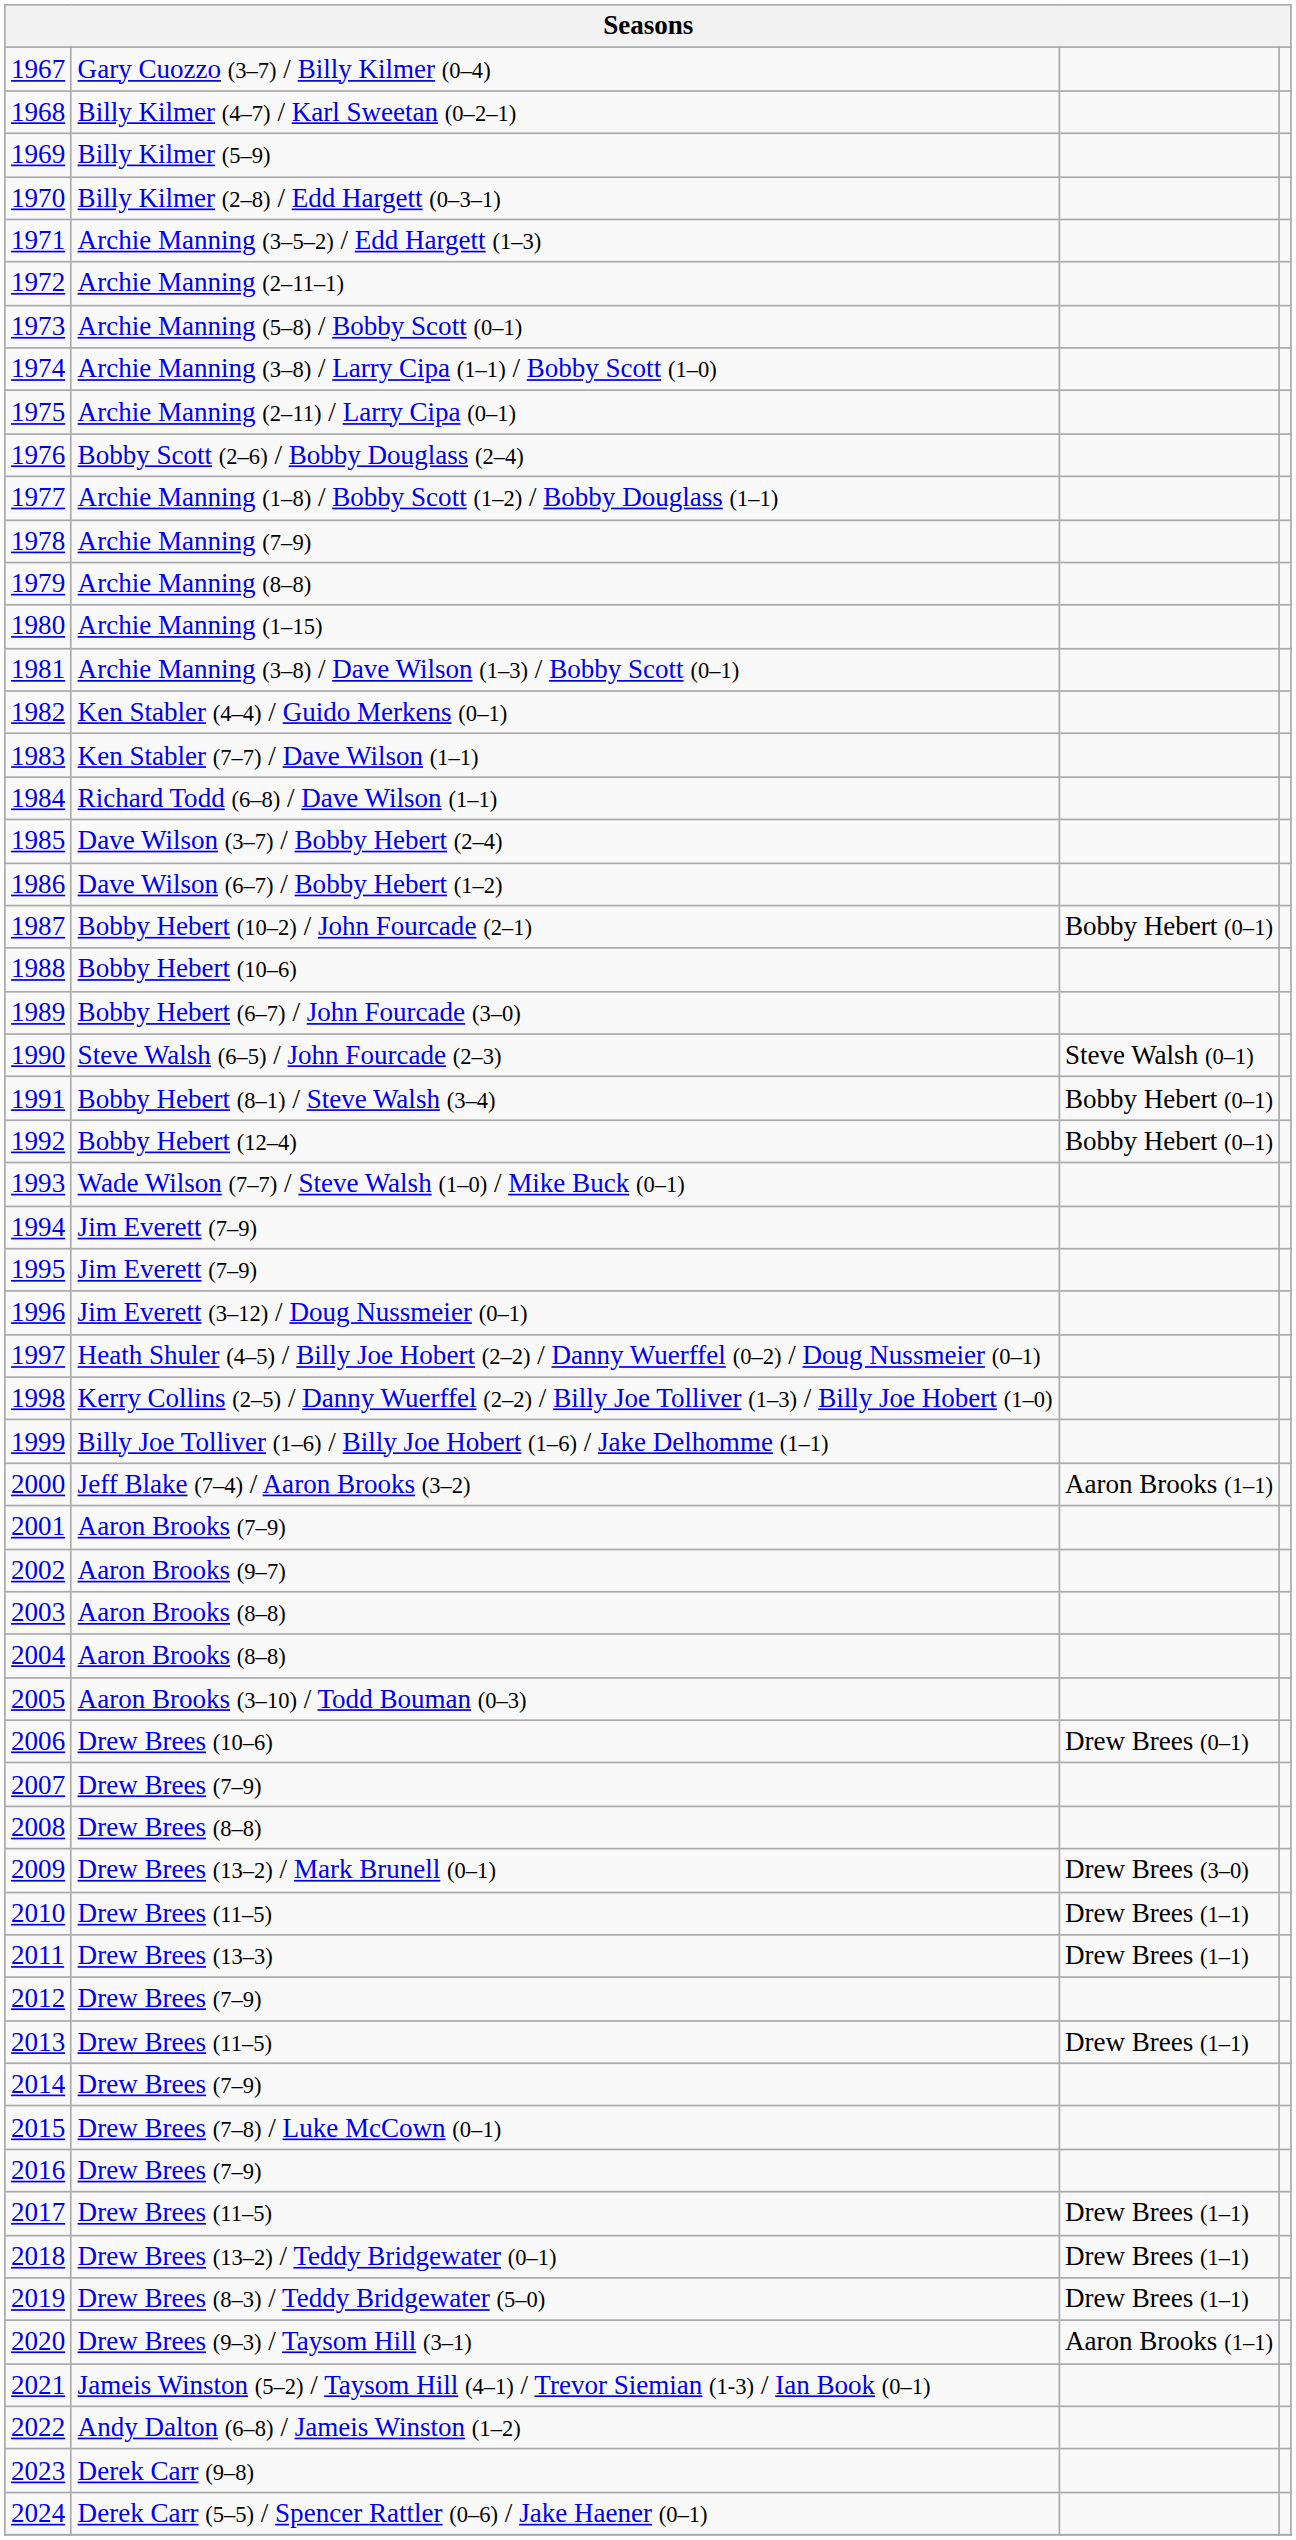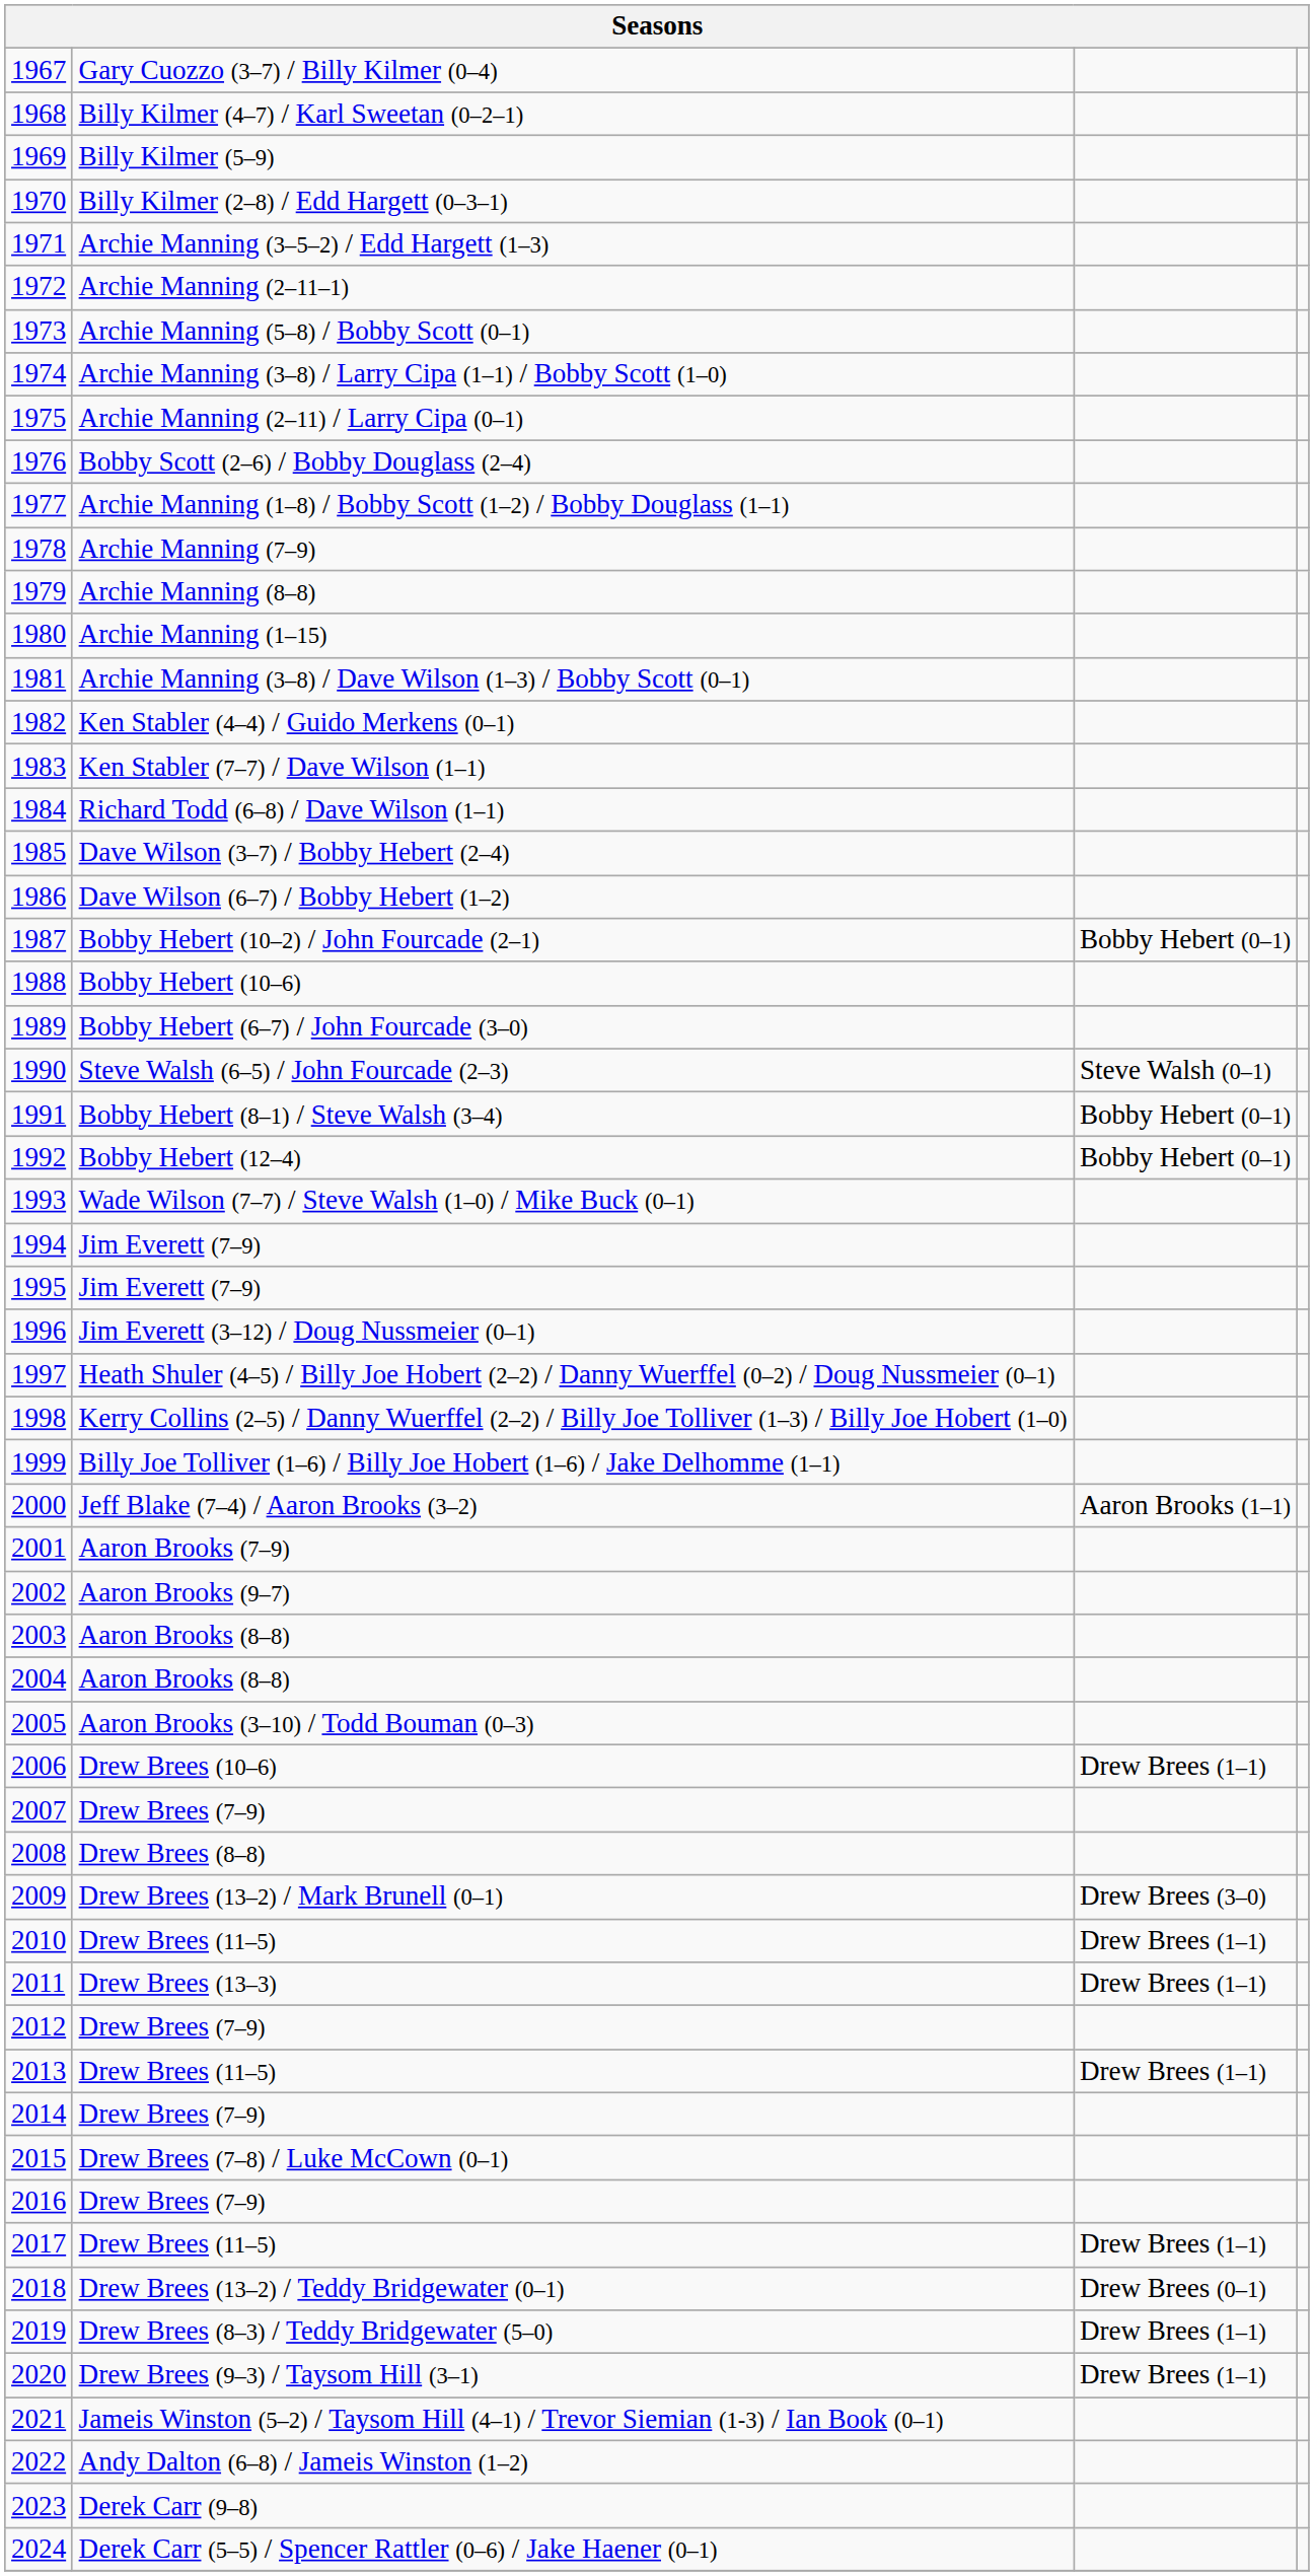 <table class="wikitable">
 <tr>
 <th colspan="99">Seasons</th>
 </tr>
 <tr>
 <td><a href='#'>1967</a></td>
 <td><a href='#'>Gary Cuozzo</a> <small>(3–7)</small> / <a href='#'>Billy Kilmer</a> <small>(0–4)</small></td>
 <td></td>
 <td></td>
 </tr>
 <tr>
 <td><a href='#'>1968</a></td>
 <td><a href='#'>Billy Kilmer</a> <small>(4–7)</small> / <a href='#'>Karl Sweetan</a> <small>(0–2–1)</small></td>
 <td></td>
 <td></td>
 </tr>
 <tr>
 <td><a href='#'>1969</a></td>
 <td><a href='#'>Billy Kilmer</a> <small>(5–9)</small></td>
 <td></td>
 <td></td>
 </tr>
 <tr>
 <td><a href='#'>1970</a></td>
 <td><a href='#'>Billy Kilmer</a> <small>(2–8)</small> / <a href='#'>Edd Hargett</a> <small>(0–3–1)</small></td>
 <td></td>
 <td></td>
 </tr>
 <tr>
 <td><a href='#'>1971</a></td>
 <td><a href='#'>Archie Manning</a> <small>(3–5–2)</small> / <a href='#'>Edd Hargett</a> <small>(1–3)</small></td>
 <td></td>
 <td></td>
 </tr>
 <tr>
 <td><a href='#'>1972</a></td>
 <td><a href='#'>Archie Manning</a> <small>(2–11–1)</small></td>
 <td></td>
 <td></td>
 </tr>
 <tr>
 <td><a href='#'>1973</a></td>
 <td><a href='#'>Archie Manning</a> <small>(5–8)</small> / <a href='#'>Bobby Scott</a> <small>(0–1)</small></td>
 <td></td>
 <td></td>
 </tr>
 <tr>
 <td><a href='#'>1974</a></td>
 <td><a href='#'>Archie Manning</a> <small>(3–8)</small> / <a href='#'>Larry Cipa</a> <small>(1–1)</small> / <a href='#'>Bobby Scott</a> <small>(1–0)</small></td>
 <td></td>
 <td></td>
 </tr>
 <tr>
 <td><a href='#'>1975</a></td>
 <td><a href='#'>Archie Manning</a> <small>(2–11)</small> / <a href='#'>Larry Cipa</a> <small>(0–1)</small></td>
 <td></td>
 <td></td>
 </tr>
 <tr>
 <td><a href='#'>1976</a></td>
 <td><a href='#'>Bobby Scott</a> <small>(2–6)</small> / <a href='#'>Bobby Douglass</a> <small>(2–4)</small></td>
 <td></td>
 <td></td>
 </tr>
 <tr>
 <td><a href='#'>1977</a></td>
 <td><a href='#'>Archie Manning</a> <small>(1–8)</small> / <a href='#'>Bobby Scott</a> <small>(1–2)</small> / <a href='#'>Bobby Douglass</a> <small>(1–1)</small></td>
 <td></td>
 <td></td>
 </tr>
 <tr>
 <td><a href='#'>1978</a></td>
 <td><a href='#'>Archie Manning</a> <small>(7–9)</small></td>
 <td></td>
 <td></td>
 </tr>
 <tr>
 <td><a href='#'>1979</a></td>
 <td><a href='#'>Archie Manning</a> <small>(8–8)</small></td>
 <td></td>
 <td></td>
 </tr>
 <tr>
 <td><a href='#'>1980</a></td>
 <td><a href='#'>Archie Manning</a> <small>(1–15)</small></td>
 <td></td>
 <td></td>
 </tr>
 <tr>
 <td><a href='#'>1981</a></td>
 <td><a href='#'>Archie Manning</a> <small>(3–8)</small> / <a href='#'>Dave Wilson</a> <small>(1–3)</small> / <a href='#'>Bobby Scott</a> <small>(0–1)</small></td>
 <td></td>
 <td></td>
 </tr>
 <tr>
 <td><a href='#'>1982</a></td>
 <td><a href='#'>Ken Stabler</a> <small>(4–4)</small> / <a href='#'>Guido Merkens</a> <small>(0–1)</small></td>
 <td></td>
 <td></td>
 </tr>
 <tr>
 <td><a href='#'>1983</a></td>
 <td><a href='#'>Ken Stabler</a> <small>(7–7)</small> / <a href='#'>Dave Wilson</a> <small>(1–1)</small></td>
 <td></td>
 <td></td>
 </tr>
 <tr>
 <td><a href='#'>1984</a></td>
 <td><a href='#'>Richard Todd</a> <small>(6–8)</small> / <a href='#'>Dave Wilson</a> <small>(1–1)</small></td>
 <td></td>
 <td></td>
 </tr>
 <tr>
 <td><a href='#'>1985</a></td>
 <td><a href='#'>Dave Wilson</a> <small>(3–7)</small> / <a href='#'>Bobby Hebert</a> <small>(2–4)</small></td>
 <td></td>
 <td></td>
 </tr>
 <tr>
 <td><a href='#'>1986</a></td>
 <td><a href='#'>Dave Wilson</a> <small>(6–7)</small> / <a href='#'>Bobby Hebert</a> <small>(1–2)</small></td>
 <td></td>
 <td></td>
 </tr>
 <tr>
 <td><a href='#'>1987</a></td>
 <td><a href='#'>Bobby Hebert</a> <small>(10–2)</small> / <a href='#'>John Fourcade</a> <small>(2–1)</small></td>
 <td>Bobby Hebert <small>(0–1)</small></td>
 <td></td>
 </tr>
 <tr>
 <td><a href='#'>1988</a></td>
 <td><a href='#'>Bobby Hebert</a> <small>(10–6)</small></td>
 <td></td>
 <td></td>
 </tr>
 <tr>
 <td><a href='#'>1989</a></td>
 <td><a href='#'>Bobby Hebert</a> <small>(6–7)</small> / <a href='#'>John Fourcade</a> <small>(3–0)</small></td>
 <td></td>
 <td></td>
 </tr>
 <tr>
 <td><a href='#'>1990</a></td>
 <td><a href='#'>Steve Walsh</a> <small>(6–5)</small> / <a href='#'>John Fourcade</a> <small>(2–3)</small></td>
 <td>Steve Walsh <small>(0–1)</small></td>
 <td></td>
 </tr>
 <tr>
 <td><a href='#'>1991</a></td>
 <td><a href='#'>Bobby Hebert</a> <small>(8–1)</small> / <a href='#'>Steve Walsh</a> <small>(3–4)</small></td>
 <td>Bobby Hebert <small>(0–1)</small></td>
 <td></td>
 </tr>
 <tr>
 <td><a href='#'>1992</a></td>
 <td><a href='#'>Bobby Hebert</a> <small>(12–4)</small></td>
 <td>Bobby Hebert <small>(0–1)</small></td>
 <td></td>
 </tr>
 <tr>
 <td><a href='#'>1993</a></td>
 <td><a href='#'>Wade Wilson</a> <small>(7–7)</small> / <a href='#'>Steve Walsh</a> <small>(1–0)</small> / <a href='#'>Mike Buck</a> <small>(0–1)</small></td>
 <td></td>
 <td></td>
 </tr>
 <tr>
 <td><a href='#'>1994</a></td>
 <td><a href='#'>Jim Everett</a> <small>(7–9)</small></td>
 <td></td>
 <td></td>
 </tr>
 <tr>
 <td><a href='#'>1995</a></td>
 <td><a href='#'>Jim Everett</a> <small>(7–9)</small></td>
 <td></td>
 <td></td>
 </tr>
 <tr>
 <td><a href='#'>1996</a></td>
 <td><a href='#'>Jim Everett</a> <small>(3–12)</small> / <a href='#'>Doug Nussmeier</a> <small>(0–1)</small></td>
 <td></td>
 <td></td>
 </tr>
 <tr>
 <td><a href='#'>1997</a></td>
 <td><a href='#'>Heath Shuler</a> <small>(4–5)</small> / <a href='#'>Billy Joe Hobert</a> <small>(2–2)</small> / <a href='#'>Danny Wuerffel</a> <small>(0–2)</small> / <a href='#'>Doug Nussmeier</a> <small>(0–1)</small></td>
 <td></td>
 <td></td>
 </tr>
 <tr>
 <td><a href='#'>1998</a></td>
 <td><a href='#'>Kerry Collins</a> <small>(2–5)</small> / <a href='#'>Danny Wuerffel</a> <small>(2–2)</small> / <a href='#'>Billy Joe Tolliver</a> <small>(1–3)</small> / <a href='#'>Billy Joe Hobert</a> <small>(1–0)</small></td>
 <td></td>
 <td></td>
 </tr>
 <tr>
 <td><a href='#'>1999</a></td>
 <td><a href='#'>Billy Joe Tolliver</a> <small>(1–6)</small> / <a href='#'>Billy Joe Hobert</a> <small>(1–6)</small> / <a href='#'>Jake Delhomme</a> <small>(1–1)</small></td>
 <td></td>
 <td></td>
 </tr>
 <tr>
 <td><a href='#'>2000</a></td>
 <td><a href='#'>Jeff Blake</a> <small>(7–4)</small> / <a href='#'>Aaron Brooks</a> <small>(3–2)</small></td>
 <td>Aaron Brooks <small>(1–1)</small></td>
 <td></td>
 </tr>
 <tr>
 <td><a href='#'>2001</a></td>
 <td><a href='#'>Aaron Brooks</a> <small>(7–9)</small></td>
 <td></td>
 <td></td>
 </tr>
 <tr>
 <td><a href='#'>2002</a></td>
 <td><a href='#'>Aaron Brooks</a> <small>(9–7)</small></td>
 <td></td>
 <td></td>
 </tr>
 <tr>
 <td><a href='#'>2003</a></td>
 <td><a href='#'>Aaron Brooks</a> <small>(8–8)</small></td>
 <td></td>
 <td></td>
 </tr>
 <tr>
 <td><a href='#'>2004</a></td>
 <td><a href='#'>Aaron Brooks</a> <small>(8–8)</small></td>
 <td></td>
 <td></td>
 </tr>
 <tr>
 <td><a href='#'>2005</a></td>
 <td><a href='#'>Aaron Brooks</a> <small>(3–10)</small> / <a href='#'>Todd Bouman</a> <small>(0–3)</small></td>
 <td></td>
 <td></td>
 </tr>
 <tr>
 <td><a href='#'>2006</a></td>
 <td><a href='#'>Drew Brees</a> <small>(10–6)</small></td>
-<td>Drew Brees <small>(0–1)</small></td>
+<td>Drew Brees <small>(1–1)</small></td>
 <td></td>
 </tr>
 <tr>
 <td><a href='#'>2007</a></td>
 <td><a href='#'>Drew Brees</a> <small>(7–9)</small></td>
 <td></td>
 <td></td>
 </tr>
 <tr>
 <td><a href='#'>2008</a></td>
 <td><a href='#'>Drew Brees</a> <small>(8–8)</small></td>
 <td></td>
 <td></td>
 </tr>
 <tr>
 <td><a href='#'>2009</a></td>
 <td><a href='#'>Drew Brees</a> <small>(13–2)</small> / <a href='#'>Mark Brunell</a> <small>(0–1)</small></td>
 <td>Drew Brees <small>(3–0)</small></td>
 <td></td>
 </tr>
 <tr>
 <td><a href='#'>2010</a></td>
 <td><a href='#'>Drew Brees</a> <small>(11–5)</small></td>
 <td>Drew Brees <small>(1–1)</small></td>
 <td></td>
 </tr>
 <tr>
 <td><a href='#'>2011</a></td>
 <td><a href='#'>Drew Brees</a> <small>(13–3)</small></td>
 <td>Drew Brees <small>(1–1)</small></td>
 <td></td>
 </tr>
 <tr>
 <td><a href='#'>2012</a></td>
 <td><a href='#'>Drew Brees</a> <small>(7–9)</small></td>
 <td></td>
 <td></td>
 </tr>
 <tr>
 <td><a href='#'>2013</a></td>
 <td><a href='#'>Drew Brees</a> <small>(11–5)</small></td>
 <td>Drew Brees <small>(1–1)</small></td>
 <td></td>
 </tr>
 <tr>
 <td><a href='#'>2014</a></td>
 <td><a href='#'>Drew Brees</a> <small>(7–9)</small></td>
 <td></td>
 <td></td>
 </tr>
 <tr>
 <td><a href='#'>2015</a></td>
 <td><a href='#'>Drew Brees</a> <small>(7–8)</small> / <a href='#'>Luke McCown</a> <small>(0–1)</small></td>
 <td></td>
 <td></td>
 </tr>
 <tr>
 <td><a href='#'>2016</a></td>
 <td><a href='#'>Drew Brees</a> <small>(7–9)</small></td>
 <td></td>
 <td></td>
 </tr>
 <tr>
 <td><a href='#'>2017</a></td>
 <td><a href='#'>Drew Brees</a> <small>(11–5)</small></td>
 <td>Drew Brees <small>(1–1)</small></td>
 <td></td>
 </tr>
 <tr>
 <td><a href='#'>2018</a></td>
 <td><a href='#'>Drew Brees</a> <small>(13–2)</small> / <a href='#'>Teddy Bridgewater</a> <small>(0–1)</small></td>
-<td>Drew Brees <small>(1–1)</small></td>
+<td>Drew Brees <small>(0–1)</small></td>
 <td></td>
 </tr>
 <tr>
 <td><a href='#'>2019</a></td>
 <td><a href='#'>Drew Brees</a> <small>(8–3)</small> / <a href='#'>Teddy Bridgewater</a> <small>(5–0)</small></td>
 <td>Drew Brees <small>(1–1)</small></td>
 <td></td>
 </tr>
 <tr>
 <td><a href='#'>2020</a></td>
 <td><a href='#'>Drew Brees</a> <small>(9–3)</small> / <a href='#'>Taysom Hill</a> <small>(3–1)</small></td>
-<td>Aaron Brooks <small>(1–1)</small></td>
+<td>Drew Brees <small>(1–1)</small></td>
 <td></td>
 </tr>
 <tr>
 <td><a href='#'>2021</a></td>
 <td><a href='#'>Jameis Winston</a> <small>(5–2)</small> / <a href='#'>Taysom Hill</a> <small>(4–1)</small> / <a href='#'>Trevor Siemian</a> <small>(1-3)</small> / <a href='#'>Ian Book</a> <small>(0–1)</small></td>
 <td></td>
 <td></td>
 </tr>
 <tr>
 <td><a href='#'>2022</a></td>
 <td><a href='#'>Andy Dalton</a> <small>(6–8)</small> / <a href='#'>Jameis Winston</a> <small>(1–2)</small></td>
 <td></td>
 <td></td>
 </tr>
 <tr>
 <td><a href='#'>2023</a></td>
 <td><a href='#'>Derek Carr</a> <small>(9–8)</small></td>
 <td></td>
 <td></td>
 </tr>
 <tr>
 <td><a href='#'>2024</a></td>
 <td><a href='#'>Derek Carr</a> <small>(5–5)</small> / <a href='#'>Spencer Rattler</a> <small>(0–6)</small> / <a href='#'>Jake Haener</a> <small>(0–1)</small></td>
 <td></td>
 <td></td>
 </tr>
 <tr>
 </tr>
 </table>
